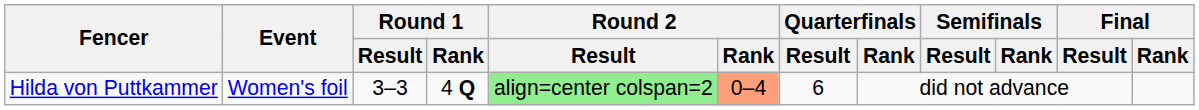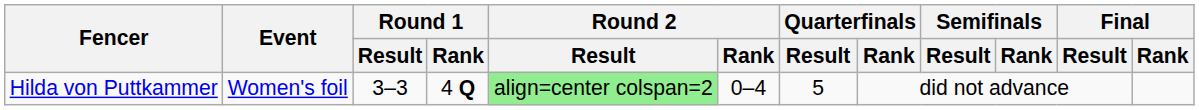 <table class=wikitable style="font-size:90%">
 <tr>
 <th rowspan=2>Fencer</th>
 <th rowspan=2>Event</th>
 <th colspan=2>Round 1</th>
 <th colspan=2>Round 2</th>
 <th colspan=2>Quarterfinals</th>
 <th colspan=2>Semifinals</th>
 <th colspan=2>Final</th>
 </tr>
 <tr>
 <th>Result</th>
 <th>Rank</th>
 <th>Result</th>
 <th>Rank</th>
 <th>Result</th>
 <th>Rank</th>
 <th>Result</th>
 <th>Rank</th>
 <th>Result</th>
 <th>Rank</th>
 </tr>
 <tr>
 <td><a href='#'>Hilda von Puttkammer</a></td>
 <td align=center rowspan=3><a href='#'>Women's foil</a></td>
 <td align=center>3–3</td>
 <td align=center>4 <strong>Q</strong></td>
 <td style="background: lightgreen;">align=center colspan=2 </td>
-<td align=center style="background: lightsalmon;">0–4</td>
-<td align=center>6</td>
+<td align=center>0–4</td>
+<td align=center>5</td>
 <td align=center colspan=4>did not advance</td>
 </tr>
 </table>
